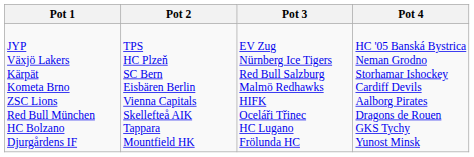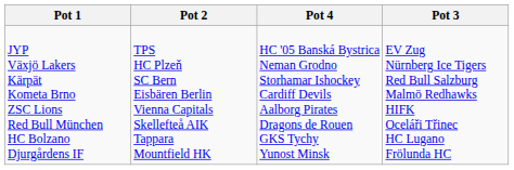 <table class="wikitable" style="font-size: 95%;">
 <tr>
 <th width=25%>Pot 1</th>
 <th width=25%>Pot 2</th>
+<th width=25%>Pot 4</th>
 <th width=25%>Pot 3</th>
-<th width=25%>Pot 4</th>
 </tr>
 <tr>
 <td><br> <a href='#'>JYP</a> <br>  <a href='#'>Växjö Lakers</a> <br>  <a href='#'>Kärpät</a> <br>  <a href='#'>Kometa Brno</a> <br>  <a href='#'>ZSC Lions</a> <br>  <a href='#'>Red Bull München</a> <br>  <a href='#'>HC Bolzano</a> <br>  <a href='#'>Djurgårdens IF</a></td>
 <td><br> <a href='#'>TPS</a> <br>  <a href='#'>HC Plzeň</a> <br>  <a href='#'>SC Bern</a> <br>  <a href='#'>Eisbären Berlin</a> <br>  <a href='#'>Vienna Capitals</a> <br>  <a href='#'>Skellefteå AIK</a> <br>  <a href='#'>Tappara</a> <br>  <a href='#'>Mountfield HK</a></td>
+<td><br> <a href='#'>HC '05 Banská Bystrica</a> <br>  <a href='#'>Neman Grodno</a> <br>  <a href='#'>Storhamar Ishockey</a> <br>  <a href='#'>Cardiff Devils</a> <br>  <a href='#'>Aalborg Pirates</a> <br>  <a href='#'>Dragons de Rouen</a> <br>  <a href='#'>GKS Tychy</a> <br>  <a href='#'>Yunost Minsk</a></td>
 <td><br> <a href='#'>EV Zug</a> <br>  <a href='#'>Nürnberg Ice Tigers</a> <br>  <a href='#'>Red Bull Salzburg</a> <br>  <a href='#'>Malmö Redhawks</a> <br>  <a href='#'>HIFK</a> <br>  <a href='#'>Oceláři Třinec</a> <br>  <a href='#'>HC Lugano</a> <br>  <a href='#'>Frölunda HC</a></td>
-<td><br> <a href='#'>HC '05 Banská Bystrica</a> <br>  <a href='#'>Neman Grodno</a> <br>  <a href='#'>Storhamar Ishockey</a> <br>  <a href='#'>Cardiff Devils</a> <br>  <a href='#'>Aalborg Pirates</a> <br>  <a href='#'>Dragons de Rouen</a> <br>  <a href='#'>GKS Tychy</a> <br>  <a href='#'>Yunost Minsk</a></td>
 </tr>
 </table>
